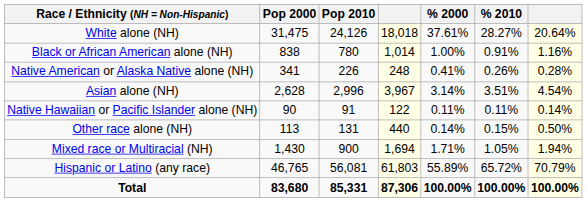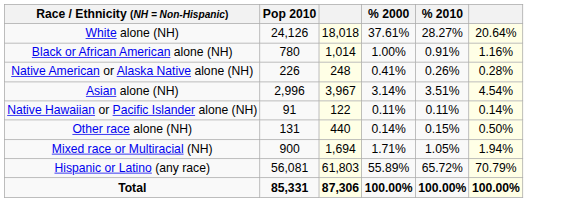 <table class="wikitable" style="text-align:center;">
 <tr>
 <th>Race / Ethnicity <small>(<em>NH = Non-Hispanic</em>)</small></th>
-<th>Pop 2000</th>
 <th>Pop 2010</th>
 <th></th>
 <th>% 2000</th>
 <th>% 2010</th>
 <th></th>
 </tr>
 <tr>
 <td><a href='#'>White</a> alone (NH)</td>
-<td>31,475</td>
 <td>24,126</td>
 <td style='background: #ffffe6;'>18,018</td>
 <td>37.61%</td>
 <td>28.27%</td>
 <td style='background: #ffffe6;'>20.64%</td>
 </tr>
 <tr>
 <td><a href='#'>Black or African American</a> alone (NH)</td>
-<td>838</td>
 <td>780</td>
 <td style='background: #ffffe6;'>1,014</td>
 <td>1.00%</td>
 <td>0.91%</td>
 <td style='background: #ffffe6;'>1.16%</td>
 </tr>
 <tr>
 <td><a href='#'>Native American</a> or <a href='#'>Alaska Native</a> alone (NH)</td>
-<td>341</td>
 <td>226</td>
 <td style='background: #ffffe6;'>248</td>
 <td>0.41%</td>
 <td>0.26%</td>
 <td style='background: #ffffe6;'>0.28%</td>
 </tr>
 <tr>
 <td><a href='#'>Asian</a> alone (NH)</td>
-<td>2,628</td>
 <td>2,996</td>
 <td style='background: #ffffe6;'>3,967</td>
 <td>3.14%</td>
 <td>3.51%</td>
 <td style='background: #ffffe6;'>4.54%</td>
 </tr>
 <tr>
 <td><a href='#'>Native Hawaiian</a> or <a href='#'>Pacific Islander</a> alone (NH)</td>
-<td>90</td>
 <td>91</td>
 <td style='background: #ffffe6;'>122</td>
 <td>0.11%</td>
 <td>0.11%</td>
 <td style='background: #ffffe6;'>0.14%</td>
 </tr>
 <tr>
 <td><a href='#'>Other race</a> alone (NH)</td>
-<td>113</td>
 <td>131</td>
 <td style='background: #ffffe6;'>440</td>
 <td>0.14%</td>
 <td>0.15%</td>
 <td style='background: #ffffe6;'>0.50%</td>
 </tr>
 <tr>
 <td><a href='#'>Mixed race or Multiracial</a> (NH)</td>
-<td>1,430</td>
 <td>900</td>
 <td style='background: #ffffe6;'>1,694</td>
 <td>1.71%</td>
 <td>1.05%</td>
 <td style='background: #ffffe6;'>1.94%</td>
 </tr>
 <tr>
 <td><a href='#'>Hispanic or Latino</a> (any race)</td>
-<td>46,765</td>
 <td>56,081</td>
 <td style='background: #ffffe6;'>61,803</td>
 <td>55.89%</td>
 <td>65.72%</td>
 <td style='background: #ffffe6;'>70.79%</td>
 </tr>
 <tr>
 <td><strong>Total</strong></td>
-<td><strong>83,680</strong></td>
 <td><strong>85,331</strong></td>
 <td style='background: #ffffe6;'><strong>87,306</strong></td>
 <td><strong>100.00%</strong></td>
 <td><strong>100.00%</strong></td>
 <td style='background: #ffffe6;'><strong>100.00%</strong></td>
 </tr>
 </table>
